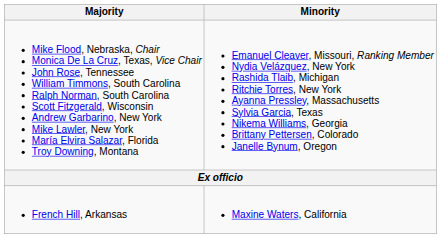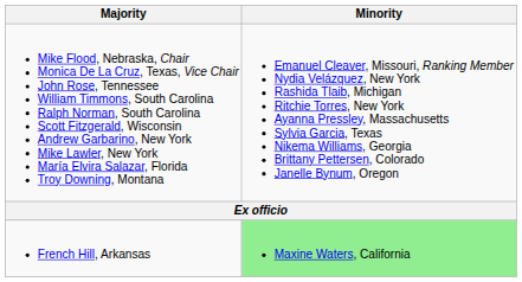 <table class=wikitable>
 <tr>
 <th>Majority</th>
 <th>Minority</th>
 </tr>
 <tr>
 <td><br><ul><li><a href='#'>Mike Flood</a>, Nebraska, <em>Chair</em></li><li><a href='#'>Monica De La Cruz</a>, Texas, <em>Vice Chair</em></li><li><a href='#'>John Rose</a>, Tennessee</li><li><a href='#'>William Timmons</a>, South Carolina</li><li><a href='#'>Ralph Norman</a>, South Carolina</li><li><a href='#'>Scott Fitzgerald</a>, Wisconsin</li><li><a href='#'>Andrew Garbarino</a>, New York</li><li><a href='#'>Mike Lawler</a>, New York</li><li><a href='#'>María Elvira Salazar</a>, Florida</li><li><a href='#'>Troy Downing</a>, Montana</li></ul></td>
 <td><br><ul><li><a href='#'>Emanuel Cleaver</a>, Missouri, <em>Ranking Member</em></li><li><a href='#'>Nydia Velázquez</a>, New York</li><li><a href='#'>Rashida Tlaib</a>, Michigan</li><li><a href='#'>Ritchie Torres</a>, New York</li><li><a href='#'>Ayanna Pressley</a>, Massachusetts</li><li><a href='#'>Sylvia Garcia</a>, Texas</li><li><a href='#'>Nikema Williams</a>, Georgia</li><li><a href='#'>Brittany Pettersen</a>, Colorado</li><li><a href='#'>Janelle Bynum</a>, Oregon</li></ul></td>
 </tr>
 <tr>
 <th colspan=2><em>Ex officio</em></th>
 </tr>
 <tr>
 <td><br><ul><li><a href='#'>French Hill</a>, Arkansas</li></ul></td>
-<td><br><ul><li><a href='#'>Maxine Waters</a>, California</li></ul></td>
+<td style="background: lightgreen;"><br><ul><li><a href='#'>Maxine Waters</a>, California</li></ul></td>
 </tr>
 </table>
